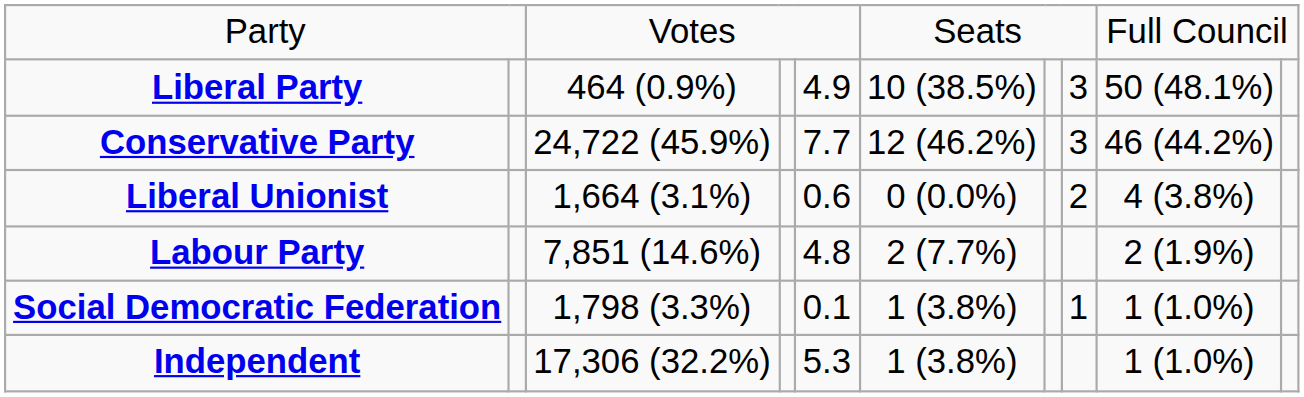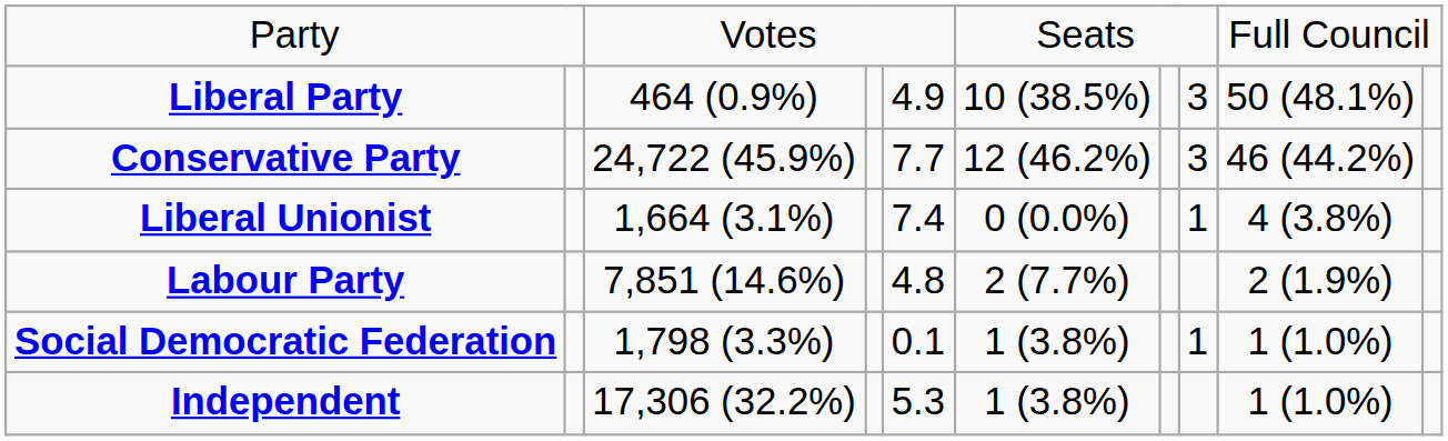 <table class=wikitable style="text-align:center;">
 <tr>
 <td colspan=2>Party</td>
 <td colspan=3>Votes</td>
 <td colspan=3>Seats</td>
 <td colspan=3>Full Council</td>
 </tr>
 <tr>
 <td><strong><a href='#'>Liberal Party</a></strong></td>
 <td style="background:"></td>
 <td>464 (0.9%)</td>
 <td></td>
 <td> 4.9</td>
 <td>10 (38.5%)</td>
 <td></td>
 <td> 3</td>
 <td>50 (48.1%)</td>
 <td></td>
 </tr>
 <tr>
 <td><strong><a href='#'>Conservative Party</a></strong></td>
 <td style="background:"></td>
 <td>24,722 (45.9%)</td>
 <td></td>
 <td> 7.7</td>
 <td>12 (46.2%)</td>
 <td></td>
 <td> 3</td>
 <td>46 (44.2%)</td>
 <td></td>
 </tr>
 <tr>
 <td><strong><a href='#'>Liberal Unionist</a></strong></td>
 <td style="background:"></td>
 <td>1,664 (3.1%)</td>
 <td></td>
-<td> 0.6</td>
+<td> 7.4</td>
 <td>0 (0.0%)</td>
 <td></td>
-<td> 2</td>
+<td> 1</td>
 <td>4 (3.8%)</td>
 <td></td>
 </tr>
 <tr>
 <td><strong><a href='#'>Labour Party</a></strong></td>
 <td style="background:"></td>
 <td>7,851 (14.6%)</td>
 <td></td>
 <td> 4.8</td>
 <td>2 (7.7%)</td>
 <td></td>
 <td></td>
 <td>2 (1.9%)</td>
 <td></td>
 </tr>
 <tr>
 <td><strong><a href='#'>Social Democratic Federation</a></strong></td>
 <td style="background:"></td>
 <td>1,798 (3.3%)</td>
 <td></td>
 <td> 0.1</td>
 <td>1 (3.8%)</td>
 <td></td>
 <td> 1</td>
 <td>1 (1.0%)</td>
 <td></td>
 </tr>
 <tr>
 <td><strong><a href='#'>Independent</a></strong></td>
 <td style="background:"></td>
 <td>17,306 (32.2%)</td>
 <td></td>
 <td> 5.3</td>
 <td>1 (3.8%)</td>
 <td></td>
 <td></td>
 <td>1 (1.0%)</td>
 <td></td>
 </tr>
 </table>
